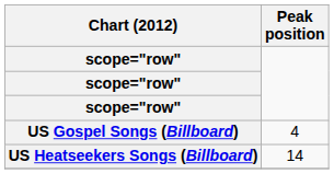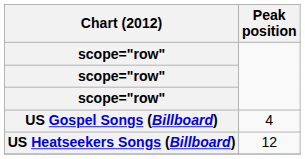 <table class="wikitable sortable plainrowheaders">
 <tr>
 <th scope="col">Chart (2012)</th>
 <th scope="col">Peak<br>position</th>
 </tr>
 <tr>
 <th>scope="row"</th>
 </tr>
 <tr>
 <th>scope="row"</th>
 </tr>
 <tr>
 <th>scope="row"</th>
 </tr>
 <tr>
 <th scope="row">US <a href='#'>Gospel Songs</a> (<em><a href='#'>Billboard</a></em>)</th>
 <td align="center">4</td>
 </tr>
 <tr>
 <th scope="row">US <a href='#'>Heatseekers Songs</a> (<em><a href='#'>Billboard</a></em>)</th>
-<td align="center">14</td>
+<td align="center">12</td>
 </tr>
 <tr>
 </tr>
 </table>
